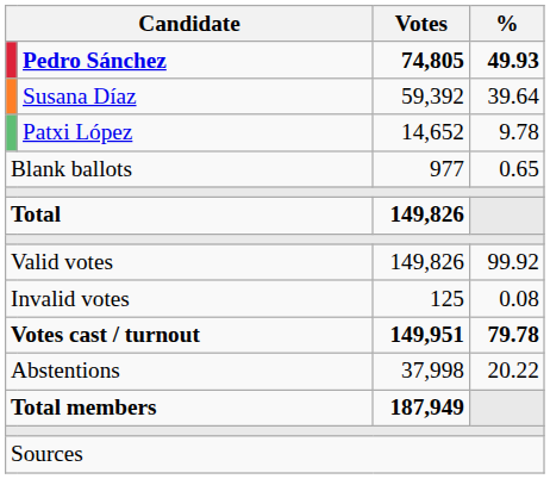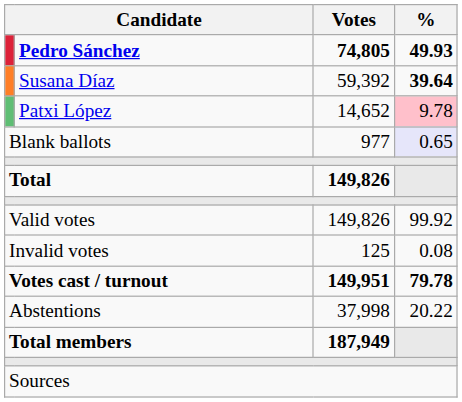 <table class="wikitable" style="text-align:right;">
 <tr>
 <th colspan="2" width="250">Candidate</th>
 <th width="60">Votes</th>
 <th width="45">%</th>
 </tr>
 <tr>
 <td width="1" style="color:inherit;background:#DD2239"></td>
 <td align="left"><strong><a href='#'>Pedro Sánchez</a></strong></td>
 <td><strong>74,805</strong></td>
 <td><strong>49.93</strong></td>
 </tr>
 <tr>
 <td style="color:inherit;background:#FF7F27"></td>
 <td align="left"><a href='#'>Susana Díaz</a></td>
 <td>59,392</td>
-<td>39.64</td>
+<td><strong>39.64</strong></td>
 </tr>
 <tr>
 <td style="color:inherit;background:#5FBE74"></td>
 <td align="left"><a href='#'>Patxi López</a></td>
 <td>14,652</td>
-<td>9.78</td>
+<td style="background: pink;">9.78</td>
 </tr>
 <tr>
 <td align="left" colspan="2">Blank ballots</td>
 <td>977</td>
-<td>0.65</td>
+<td style="background: lavender;">0.65</td>
 </tr>
 <tr>
 <td colspan="4" bgcolor="#E9E9E9"></td>
 </tr>
 <tr style="font-weight:bold;">
 <td align="left" colspan="2">Total</td>
 <td>149,826</td>
 <td bgcolor="#E9E9E9"></td>
 </tr>
 <tr>
 <td colspan="4" bgcolor="#E9E9E9"></td>
 </tr>
 <tr>
 <td align="left" colspan="2">Valid votes</td>
 <td>149,826</td>
 <td>99.92</td>
 </tr>
 <tr>
 <td align="left" colspan="2">Invalid votes</td>
 <td>125</td>
 <td>0.08</td>
 </tr>
 <tr style="font-weight:bold;">
 <td align="left" colspan="2">Votes cast / turnout</td>
 <td>149,951</td>
 <td>79.78</td>
 </tr>
 <tr>
 <td align="left" colspan="2">Abstentions</td>
 <td>37,998</td>
 <td>20.22</td>
 </tr>
 <tr style="font-weight:bold;">
 <td align="left" colspan="2">Total members</td>
 <td>187,949</td>
 <td bgcolor="#E9E9E9"></td>
 </tr>
 <tr>
 <td colspan="4" bgcolor="#E9E9E9"></td>
 </tr>
 <tr>
 <td align="left" colspan="4">Sources</td>
 </tr>
 </table>
